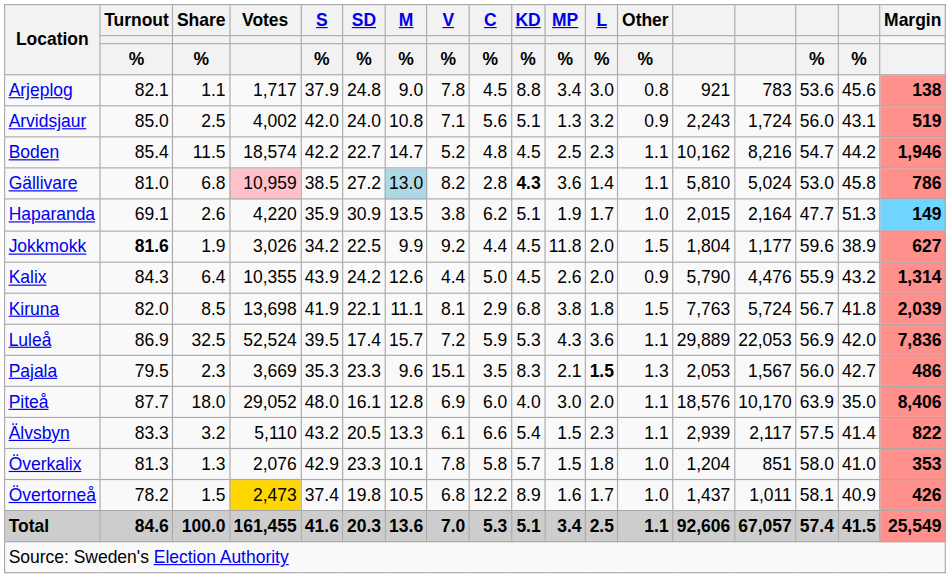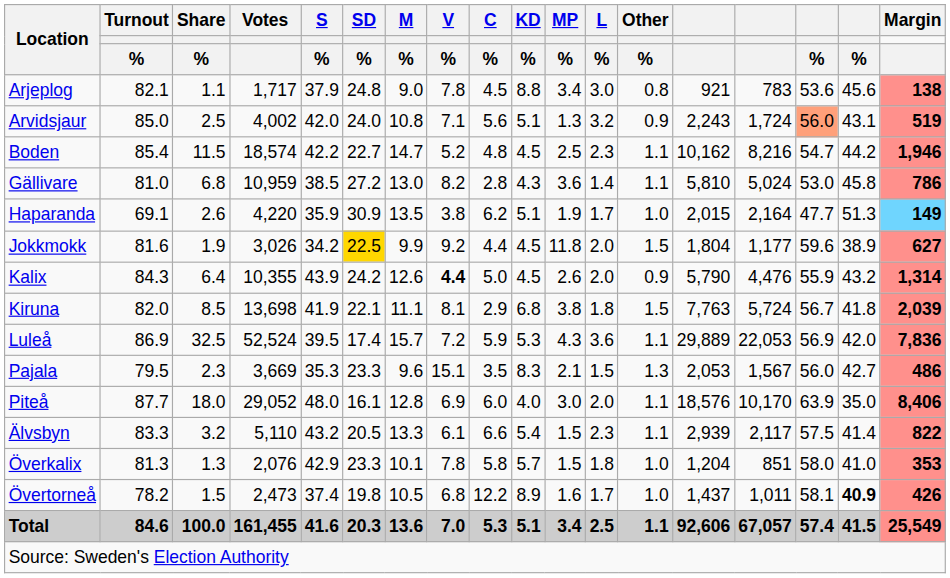 <table class="wikitable sortable" style="text-align:right; font-size:95%; line-height:20px;">
 <tr>
 <th rowspan="3">Location</th>
 <th>Turnout</th>
 <th>Share</th>
 <th>Votes</th>
 <th width="30px" class="unsortable"><a href='#'>S</a></th>
 <th width="30px" class="unsortable"><a href='#'>SD</a></th>
 <th width="30px" class="unsortable"><a href='#'>M</a></th>
 <th width="30px" class="unsortable"><a href='#'>V</a></th>
 <th width="30px" class="unsortable"><a href='#'>C</a></th>
 <th width="30px" class="unsortable"><a href='#'>KD</a></th>
 <th width="30px" class="unsortable"><a href='#'>MP</a></th>
 <th width="30px" class="unsortable"><a href='#'>L</a></th>
 <th width="30px" class="unsortable">Other</th>
 <th></th>
 <th></th>
 <th></th>
 <th></th>
 <th>Margin</th>
 </tr>
 <tr>
 <th></th>
 <th></th>
 <th></th>
 <th style="background:"></th>
 <th style="background:"></th>
 <th style="background:"></th>
 <th style="background:"></th>
 <th style="background:"></th>
 <th style="background:"></th>
 <th style="background:"></th>
 <th style="background:"></th>
 <th style="background:"></th>
 <th style="background:"></th>
 <th style="background:"></th>
 <th style="background:"></th>
 <th style="background:"></th>
 </tr>
 <tr>
 <th data-sort-type="number">%</th>
 <th data-sort-type="number">%</th>
 <th></th>
 <th data-sort-type="number">%</th>
 <th data-sort-type="number">%</th>
 <th data-sort-type="number">%</th>
 <th data-sort-type="number">%</th>
 <th data-sort-type="number">%</th>
 <th data-sort-type="number">%</th>
 <th data-sort-type="number">%</th>
 <th data-sort-type="number">%</th>
 <th data-sort-type="number">%</th>
 <th data-sort-type="number"></th>
 <th data-sort-type="number"></th>
 <th data-sort-type="number">%</th>
 <th data-sort-type="number">%</th>
 <th data-sort-type="number"></th>
 </tr>
 <tr>
 <td align="left"><a href='#'>Arjeplog</a></td>
 <td>82.1</td>
 <td>1.1</td>
 <td>1,717</td>
 <td>37.9</td>
 <td>24.8</td>
 <td>9.0</td>
 <td>7.8</td>
 <td>4.5</td>
 <td>8.8</td>
 <td>3.4</td>
 <td>3.0</td>
 <td>0.8</td>
 <td>921</td>
 <td>783</td>
 <td>53.6</td>
 <td>45.6</td>
 <td bgcolor=#ff908c><strong>138</strong></td>
 </tr>
 <tr>
 <td align="left"><a href='#'>Arvidsjaur</a></td>
 <td>85.0</td>
 <td>2.5</td>
 <td>4,002</td>
 <td>42.0</td>
 <td>24.0</td>
 <td>10.8</td>
 <td>7.1</td>
 <td>5.6</td>
 <td>5.1</td>
 <td>1.3</td>
 <td>3.2</td>
 <td>0.9</td>
 <td>2,243</td>
 <td>1,724</td>
-<td>56.0</td>
+<td style="background: lightsalmon;">56.0</td>
 <td>43.1</td>
 <td bgcolor=#ff908c><strong>519</strong></td>
 </tr>
 <tr>
 <td align="left"><a href='#'>Boden</a></td>
 <td>85.4</td>
 <td>11.5</td>
 <td>18,574</td>
 <td>42.2</td>
 <td>22.7</td>
 <td>14.7</td>
 <td>5.2</td>
 <td>4.8</td>
 <td>4.5</td>
 <td>2.5</td>
 <td>2.3</td>
 <td>1.1</td>
 <td>10,162</td>
 <td>8,216</td>
 <td>54.7</td>
 <td>44.2</td>
 <td bgcolor=#ff908c><strong>1,946</strong></td>
 </tr>
 <tr>
 <td align="left"><a href='#'>Gällivare</a></td>
 <td>81.0</td>
 <td>6.8</td>
-<td style="background: pink;">10,959</td>
+<td>10,959</td>
 <td>38.5</td>
 <td>27.2</td>
-<td style="background: lightblue;">13.0</td>
+<td>13.0</td>
 <td>8.2</td>
 <td>2.8</td>
-<td><strong>4.3</strong></td>
+<td>4.3</td>
 <td>3.6</td>
 <td>1.4</td>
 <td>1.1</td>
 <td>5,810</td>
 <td>5,024</td>
 <td>53.0</td>
 <td>45.8</td>
 <td bgcolor=#ff908c><strong>786</strong></td>
 </tr>
 <tr>
 <td align="left"><a href='#'>Haparanda</a></td>
 <td>69.1</td>
 <td>2.6</td>
 <td>4,220</td>
 <td>35.9</td>
 <td>30.9</td>
 <td>13.5</td>
 <td>3.8</td>
 <td>6.2</td>
 <td>5.1</td>
 <td>1.9</td>
 <td>1.7</td>
 <td>1.0</td>
 <td>2,015</td>
 <td>2,164</td>
 <td>47.7</td>
 <td>51.3</td>
 <td bgcolor=#6fd5fe><strong>149</strong></td>
 </tr>
 <tr>
 <td align="left"><a href='#'>Jokkmokk</a></td>
-<td><strong>81.6</strong></td>
+<td>81.6</td>
 <td>1.9</td>
 <td>3,026</td>
 <td>34.2</td>
-<td>22.5</td>
+<td style="background: gold;">22.5</td>
 <td>9.9</td>
 <td>9.2</td>
 <td>4.4</td>
 <td>4.5</td>
 <td>11.8</td>
 <td>2.0</td>
 <td>1.5</td>
 <td>1,804</td>
 <td>1,177</td>
 <td>59.6</td>
 <td>38.9</td>
 <td bgcolor=#ff908c><strong>627</strong></td>
 </tr>
 <tr>
 <td align="left"><a href='#'>Kalix</a></td>
 <td>84.3</td>
 <td>6.4</td>
 <td>10,355</td>
 <td>43.9</td>
 <td>24.2</td>
 <td>12.6</td>
-<td>4.4</td>
+<td><strong>4.4</strong></td>
 <td>5.0</td>
 <td>4.5</td>
 <td>2.6</td>
 <td>2.0</td>
 <td>0.9</td>
 <td>5,790</td>
 <td>4,476</td>
 <td>55.9</td>
 <td>43.2</td>
 <td bgcolor=#ff908c><strong>1,314</strong></td>
 </tr>
 <tr>
 <td align="left"><a href='#'>Kiruna</a></td>
 <td>82.0</td>
 <td>8.5</td>
 <td>13,698</td>
 <td>41.9</td>
 <td>22.1</td>
 <td>11.1</td>
 <td>8.1</td>
 <td>2.9</td>
 <td>6.8</td>
 <td>3.8</td>
 <td>1.8</td>
 <td>1.5</td>
 <td>7,763</td>
 <td>5,724</td>
 <td>56.7</td>
 <td>41.8</td>
 <td bgcolor=#ff908c><strong>2,039</strong></td>
 </tr>
 <tr>
 <td align="left"><a href='#'>Luleå</a></td>
 <td>86.9</td>
 <td>32.5</td>
 <td>52,524</td>
 <td>39.5</td>
 <td>17.4</td>
 <td>15.7</td>
 <td>7.2</td>
 <td>5.9</td>
 <td>5.3</td>
 <td>4.3</td>
 <td>3.6</td>
 <td>1.1</td>
 <td>29,889</td>
 <td>22,053</td>
 <td>56.9</td>
 <td>42.0</td>
 <td bgcolor=#ff908c><strong>7,836</strong></td>
 </tr>
 <tr>
 <td align="left"><a href='#'>Pajala</a></td>
 <td>79.5</td>
 <td>2.3</td>
 <td>3,669</td>
 <td>35.3</td>
 <td>23.3</td>
 <td>9.6</td>
 <td>15.1</td>
 <td>3.5</td>
 <td>8.3</td>
 <td>2.1</td>
-<td><strong>1.5</strong></td>
+<td>1.5</td>
 <td>1.3</td>
 <td>2,053</td>
 <td>1,567</td>
 <td>56.0</td>
 <td>42.7</td>
 <td bgcolor=#ff908c><strong>486</strong></td>
 </tr>
 <tr>
 <td align="left"><a href='#'>Piteå</a></td>
 <td>87.7</td>
 <td>18.0</td>
 <td>29,052</td>
 <td>48.0</td>
 <td>16.1</td>
 <td>12.8</td>
 <td>6.9</td>
 <td>6.0</td>
 <td>4.0</td>
 <td>3.0</td>
 <td>2.0</td>
 <td>1.1</td>
 <td>18,576</td>
 <td>10,170</td>
 <td>63.9</td>
 <td>35.0</td>
 <td bgcolor=#ff908c><strong>8,406</strong></td>
 </tr>
 <tr>
 <td align="left"><a href='#'>Älvsbyn</a></td>
 <td>83.3</td>
 <td>3.2</td>
 <td>5,110</td>
 <td>43.2</td>
 <td>20.5</td>
 <td>13.3</td>
 <td>6.1</td>
 <td>6.6</td>
 <td>5.4</td>
 <td>1.5</td>
 <td>2.3</td>
 <td>1.1</td>
 <td>2,939</td>
 <td>2,117</td>
 <td>57.5</td>
 <td>41.4</td>
 <td bgcolor=#ff908c><strong>822</strong></td>
 </tr>
 <tr>
 <td align="left"><a href='#'>Överkalix</a></td>
 <td>81.3</td>
 <td>1.3</td>
 <td>2,076</td>
 <td>42.9</td>
 <td>23.3</td>
 <td>10.1</td>
 <td>7.8</td>
 <td>5.8</td>
 <td>5.7</td>
 <td>1.5</td>
 <td>1.8</td>
 <td>1.0</td>
 <td>1,204</td>
 <td>851</td>
 <td>58.0</td>
 <td>41.0</td>
 <td bgcolor=#ff908c><strong>353</strong></td>
 </tr>
 <tr>
 <td align="left"><a href='#'>Övertorneå</a></td>
 <td>78.2</td>
 <td>1.5</td>
-<td style="background: gold;">2,473</td>
+<td>2,473</td>
 <td>37.4</td>
 <td>19.8</td>
 <td>10.5</td>
 <td>6.8</td>
 <td>12.2</td>
 <td>8.9</td>
 <td>1.6</td>
 <td>1.7</td>
 <td>1.0</td>
 <td>1,437</td>
 <td>1,011</td>
 <td>58.1</td>
-<td>40.9</td>
+<td><strong>40.9</strong></td>
 <td bgcolor=#ff908c><strong>426</strong></td>
 </tr>
 <tr style="background:#CDCDCD;">
 <td align="left"><strong>Total</strong></td>
 <td><strong>84.6</strong></td>
 <td><strong>100.0</strong></td>
 <td><strong>161,455</strong></td>
 <td><strong>41.6</strong></td>
 <td><strong>20.3</strong></td>
 <td><strong>13.6</strong></td>
 <td><strong>7.0</strong></td>
 <td><strong>5.3</strong></td>
 <td><strong>5.1</strong></td>
 <td><strong>3.4</strong></td>
 <td><strong>2.5</strong></td>
 <td><strong>1.1</strong></td>
 <td><strong>92,606</strong></td>
 <td><strong>67,057</strong></td>
 <td><strong>57.4</strong></td>
 <td><strong>41.5</strong></td>
 <td bgcolor=#ff908c><strong>25,549</strong></td>
 </tr>
 <tr>
 <td colspan="18" align="left">Source: Sweden's <a href='#'>Election Authority</a></td>
 </tr>
 </table>
